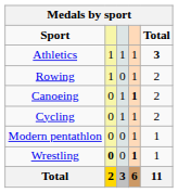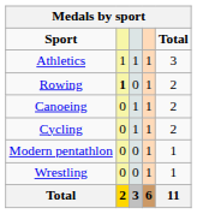 <table class="wikitable" style="font-size:85%; float:right;">
 <tr style="background:#efefef;">
 <th colspan=7>Medals by sport</th>
 </tr>
 <tr align=center>
 <td><strong>Sport</strong></td>
 <td style="background:#f7f6a8;"></td>
 <td style="background:#dce5e5;"></td>
 <td style="background:#ffdab9;"></td>
 <td><strong>Total</strong></td>
 </tr>
 <tr align=center>
 <td><a href='#'>Athletics</a></td>
 <td style="background:#f7f6a8;">1</td>
 <td style="background:#dce5e5;">1</td>
 <td style="background:#ffdab9;">1</td>
-<td><strong>3</strong></td>
+<td>3</td>
 </tr>
 <tr align=center>
 <td><a href='#'>Rowing</a></td>
-<td style="background:#f7f6a8;">1</td>
+<td style="background:#f7f6a8;"><strong>1</strong></td>
 <td style="background:#dce5e5;">0</td>
 <td style="background:#ffdab9;">1</td>
 <td>2</td>
 </tr>
 <tr align=center>
 <td><a href='#'>Canoeing</a></td>
 <td style="background:#f7f6a8;">0</td>
 <td style="background:#dce5e5;">1</td>
-<td style="background:#ffdab9;"><strong>1</strong></td>
+<td style="background:#ffdab9;">1</td>
 <td>2</td>
 </tr>
 <tr align=center>
 <td><a href='#'>Cycling</a></td>
 <td style="background:#f7f6a8;">0</td>
 <td style="background:#dce5e5;">1</td>
 <td style="background:#ffdab9;">1</td>
 <td>2</td>
 </tr>
 <tr align=center>
 <td><a href='#'>Modern pentathlon</a></td>
 <td style="background:#f7f6a8;">0</td>
 <td style="background:#dce5e5;">0</td>
 <td style="background:#ffdab9;">1</td>
 <td>1</td>
 </tr>
 <tr align=center>
 <td><a href='#'>Wrestling</a></td>
-<td style="background:#f7f6a8;"><strong>0</strong></td>
+<td style="background:#f7f6a8;">0</td>
 <td style="background:#dce5e5;">0</td>
-<td style="background:#ffdab9;"><strong>1</strong></td>
+<td style="background:#ffdab9;">1</td>
 <td>1</td>
 </tr>
 <tr align=center>
 <th>Total</th>
 <th style="background:gold;">2</th>
 <th style="background:silver;">3</th>
 <th style="background:#c96;">6</th>
 <th>11</th>
 </tr>
 </table>
